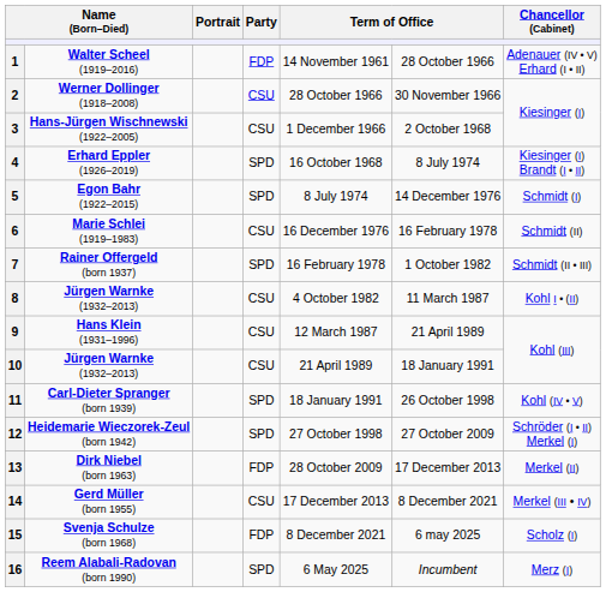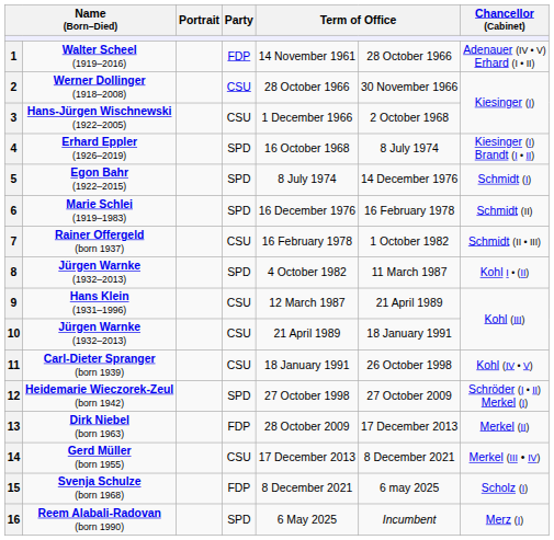 <table class="wikitable" style="text-align:center;">
 <tr>
 <th colspan=2>Name<br><small>(Born–Died)</small></th>
 <th>Portrait</th>
 <th>Party</th>
 <th colspan=2>Term of Office</th>
 <th><a href='#'>Chancellor</a><br><small>(Cabinet)</small></th>
 </tr>
 <tr>
 <th colspan="7" style="background:#EEEEFF"></th>
 </tr>
 <tr>
 <th style="background:">1</th>
 <td><strong><a href='#'>Walter Scheel</a></strong><br><small>(1919–2016)</small></td>
 <td></td>
 <td><a href='#'>FDP</a></td>
 <td>14 November 1961</td>
 <td>28 October 1966</td>
 <td><a href='#'>Adenauer</a> <small>(IV • V)</small><br> <a href='#'>Erhard</a> <small>(I • II)</small></td>
 </tr>
 <tr>
 <th style="background:">2</th>
 <td><strong><a href='#'>Werner Dollinger</a></strong><br><small>(1918–2008)</small></td>
 <td></td>
 <td><a href='#'>CSU</a></td>
 <td>28 October 1966</td>
 <td>30 November 1966</td>
 <td rowspan=2><a href='#'>Kiesinger</a> <small>(<a href='#'>I</a>)</small></td>
 </tr>
 <tr>
 <th style="background:">3</th>
 <td><strong><a href='#'>Hans-Jürgen Wischnewski</a></strong><br><small>(1922–2005)</small></td>
 <td></td>
 <td>CSU</td>
 <td>1 December 1966</td>
 <td>2 October 1968</td>
 </tr>
 <tr>
 <th style="background:">4</th>
 <td><strong><a href='#'>Erhard Eppler</a></strong><br><small>(1926–2019)</small></td>
 <td></td>
 <td>SPD</td>
 <td>16 October 1968</td>
 <td>8 July 1974</td>
 <td><a href='#'>Kiesinger</a> <small>(<a href='#'>I</a>)</small><br> <a href='#'>Brandt</a> <small>(<a href='#'>I</a> • <a href='#'>II</a>)</small></td>
 </tr>
 <tr>
 <th style="background:">5</th>
 <td><strong><a href='#'>Egon Bahr</a></strong><br><small>(1922–2015)</small></td>
 <td></td>
 <td>SPD</td>
 <td>8 July 1974</td>
 <td>14 December 1976</td>
 <td><a href='#'>Schmidt</a> <small>(<a href='#'>I</a>)	</small></td>
 </tr>
 <tr>
 <th style="background:">6</th>
 <td><strong><a href='#'>Marie Schlei</a></strong><br><small>(1919–1983)</small></td>
 <td></td>
-<td>CSU</td>
+<td>SPD</td>
 <td>16 December 1976</td>
 <td>16 February 1978</td>
 <td><a href='#'>Schmidt</a> <small>(II)</small></td>
 </tr>
 <tr>
 <th style="background:">7</th>
 <td><strong><a href='#'>Rainer Offergeld</a></strong><br><small>(born 1937)</small></td>
 <td></td>
-<td>SPD</td>
+<td>CSU</td>
 <td>16 February 1978</td>
 <td>1 October 1982</td>
 <td><a href='#'>Schmidt</a> <small>(II • III)	</small></td>
 </tr>
 <tr>
 <th style="background:">8</th>
 <td><strong><a href='#'>Jürgen Warnke</a></strong><br><small>(1932–2013)</small></td>
 <td></td>
-<td>CSU</td>
+<td>SPD</td>
 <td>4 October 1982</td>
 <td>11 March 1987</td>
 <td><a href='#'>Kohl</a> <small><a href='#'>I</a> • (<a href='#'>II</a>)</small></td>
 </tr>
 <tr>
 <th style="background:">9</th>
 <td><strong><a href='#'>Hans Klein</a></strong><br><small>(1931–1996)</small></td>
 <td></td>
 <td>CSU</td>
 <td>12 March 1987</td>
 <td>21 April 1989</td>
 <td rowspan=2><a href='#'>Kohl</a> <small>(<a href='#'>III</a>)</small></td>
 </tr>
 <tr>
 <th style="background:">10</th>
 <td><strong><a href='#'>Jürgen Warnke</a></strong><br><small>(1932–2013)</small></td>
 <td></td>
 <td>CSU</td>
 <td>21 April 1989</td>
 <td>18 January 1991</td>
 </tr>
 <tr>
 <th style="background:">11</th>
 <td><strong><a href='#'>Carl-Dieter Spranger</a></strong><br><small>(born 1939)</small></td>
 <td></td>
-<td>SPD</td>
+<td>CSU</td>
 <td>18 January 1991</td>
 <td>26 October 1998</td>
 <td><a href='#'>Kohl</a> <small>(<a href='#'>IV</a> • <a href='#'>V</a>)</small></td>
 </tr>
 <tr>
 <th style="background:">12</th>
 <td><strong><a href='#'>Heidemarie Wieczorek-Zeul</a></strong><br><small>(born 1942)</small></td>
 <td></td>
 <td>SPD</td>
 <td>27 October 1998</td>
 <td>27 October 2009</td>
 <td><a href='#'>Schröder</a> <small>(<a href='#'>I</a> • <a href='#'>II</a>)</small><br> <a href='#'>Merkel</a> <small>(<a href='#'>I</a>)</small></td>
 </tr>
 <tr>
 <th style="background:">13</th>
 <td><strong><a href='#'>Dirk Niebel</a></strong><br><small>(born 1963)</small></td>
 <td></td>
 <td>FDP</td>
 <td>28 October 2009</td>
 <td>17 December 2013</td>
 <td><a href='#'>Merkel</a> <small>(<a href='#'>II</a>)</small></td>
 </tr>
 <tr>
 <th style="background:">14</th>
 <td><strong><a href='#'>Gerd Müller</a></strong><br><small>(born 1955)</small></td>
 <td></td>
 <td>CSU</td>
 <td>17 December 2013</td>
 <td>8 December 2021</td>
 <td><a href='#'>Merkel</a> <small>(<a href='#'>III</a></small> • <small><a href='#'>IV</a>)</small></td>
 </tr>
 <tr>
 <th style="background:">15</th>
 <td><strong><a href='#'>Svenja Schulze</a></strong><br><small>(born 1968)</small></td>
 <td></td>
 <td>FDP</td>
 <td>8 December 2021</td>
 <td>6 may 2025</td>
 <td><a href='#'>Scholz</a> <small>(<a href='#'>I</a>)</small></td>
 </tr>
 <tr>
 <th style="background:">16</th>
 <td><strong><a href='#'>Reem Alabali-Radovan</a></strong><br><small>(born 1990)</small></td>
 <td></td>
 <td>SPD</td>
 <td>6 May 2025</td>
 <td><em>Incumbent</em></td>
 <td><a href='#'>Merz</a> <small>(<a href='#'>I</a>)</small></td>
 </tr>
 </table>
